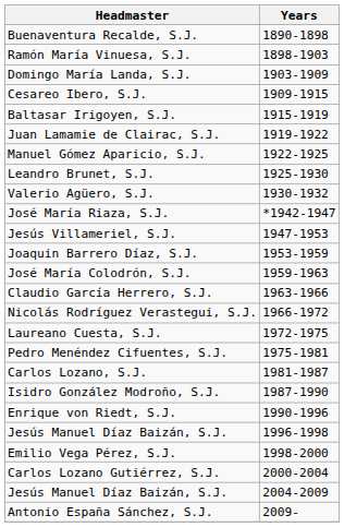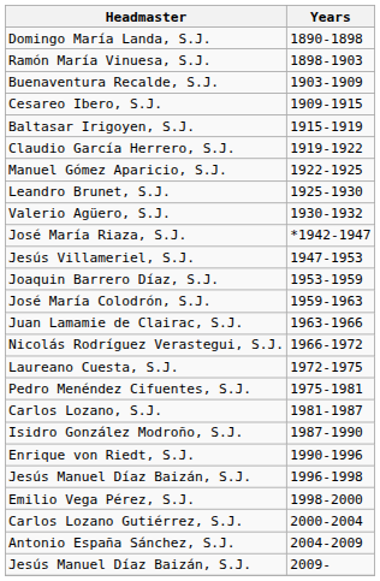 <table class="wikitable">
 <tr>
 <th>Headmaster</th>
 <th>Years</th>
 </tr>
 <tr>
-<td>Buenaventura Recalde, S.J.</td>
+<td>Domingo María Landa, S.J.</td>
 <td>1890-1898</td>
 </tr>
 <tr>
 <td>Ramón María Vinuesa, S.J.</td>
 <td>1898-1903</td>
 </tr>
 <tr>
-<td>Domingo María Landa, S.J.</td>
+<td>Buenaventura Recalde, S.J.</td>
 <td>1903-1909</td>
 </tr>
 <tr>
 <td>Cesareo Ibero, S.J.</td>
 <td>1909-1915</td>
 </tr>
 <tr>
 <td>Baltasar Irigoyen, S.J.</td>
 <td>1915-1919</td>
 </tr>
 <tr>
-<td>Juan Lamamie de Clairac, S.J.</td>
+<td>Claudio García Herrero, S.J.</td>
 <td>1919-1922</td>
 </tr>
 <tr>
 <td>Manuel Gómez Aparicio, S.J.</td>
 <td>1922-1925</td>
 </tr>
 <tr>
 <td>Leandro Brunet, S.J.</td>
 <td>1925-1930</td>
 </tr>
 <tr>
 <td>Valerio Agüero, S.J.</td>
 <td>1930-1932</td>
 </tr>
 <tr>
 <td>José María Riaza, S.J.</td>
 <td>*1942-1947</td>
 </tr>
 <tr>
 <td>Jesús Villameriel, S.J.</td>
 <td>1947-1953</td>
 </tr>
 <tr>
 <td>Joaquin Barrero Díaz, S.J.</td>
 <td>1953-1959</td>
 </tr>
 <tr>
 <td>José María Colodrón, S.J.</td>
 <td>1959-1963</td>
 </tr>
 <tr>
-<td>Claudio García Herrero, S.J.</td>
+<td>Juan Lamamie de Clairac, S.J.</td>
 <td>1963-1966</td>
 </tr>
 <tr>
 <td>Nicolás Rodríguez Verastegui, S.J.</td>
 <td>1966-1972</td>
 </tr>
 <tr>
 <td>Laureano Cuesta, S.J.</td>
 <td>1972-1975</td>
 </tr>
 <tr>
 <td>Pedro Menéndez Cifuentes, S.J.</td>
 <td>1975-1981</td>
 </tr>
 <tr>
 <td>Carlos Lozano, S.J.</td>
 <td>1981-1987</td>
 </tr>
 <tr>
 <td>Isidro González Modroño, S.J.</td>
 <td>1987-1990</td>
 </tr>
 <tr>
 <td>Enrique von Riedt, S.J.</td>
 <td>1990-1996</td>
 </tr>
 <tr>
 <td>Jesús Manuel Díaz Baizán, S.J.</td>
 <td>1996-1998</td>
 </tr>
 <tr>
 <td>Emilio Vega Pérez, S.J.</td>
 <td>1998-2000</td>
 </tr>
 <tr>
 <td>Carlos Lozano Gutiérrez, S.J.</td>
 <td>2000-2004</td>
 </tr>
 <tr>
-<td>Jesús Manuel Díaz Baizán, S.J.</td>
+<td>Antonio España Sánchez, S.J.</td>
 <td>2004-2009</td>
 </tr>
 <tr>
-<td>Antonio España Sánchez, S.J.</td>
+<td>Jesús Manuel Díaz Baizán, S.J.</td>
 <td>2009-</td>
 </tr>
 <tr>
 </tr>
 </table>
